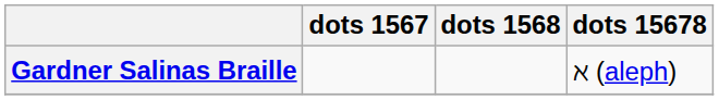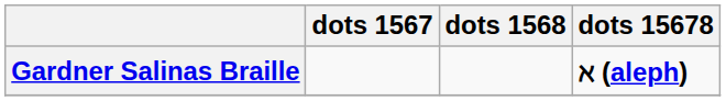 <table class="wikitable">
 <tr>
 <th></th>
 <th>dots 1567</th>
 <th>dots 1568</th>
 <th>dots 15678</th>
 </tr>
 <tr>
 <th align=left><a href='#'>Gardner Salinas Braille</a></th>
 <td></td>
 <td></td>
-<td>ℵ (<a href='#'>aleph</a>)</td>
+<td><strong>ℵ (<a href='#'>aleph</a>)</strong></td>
 </tr>
 <tr>
 </tr>
 <tr>
 </tr>
 </table>
